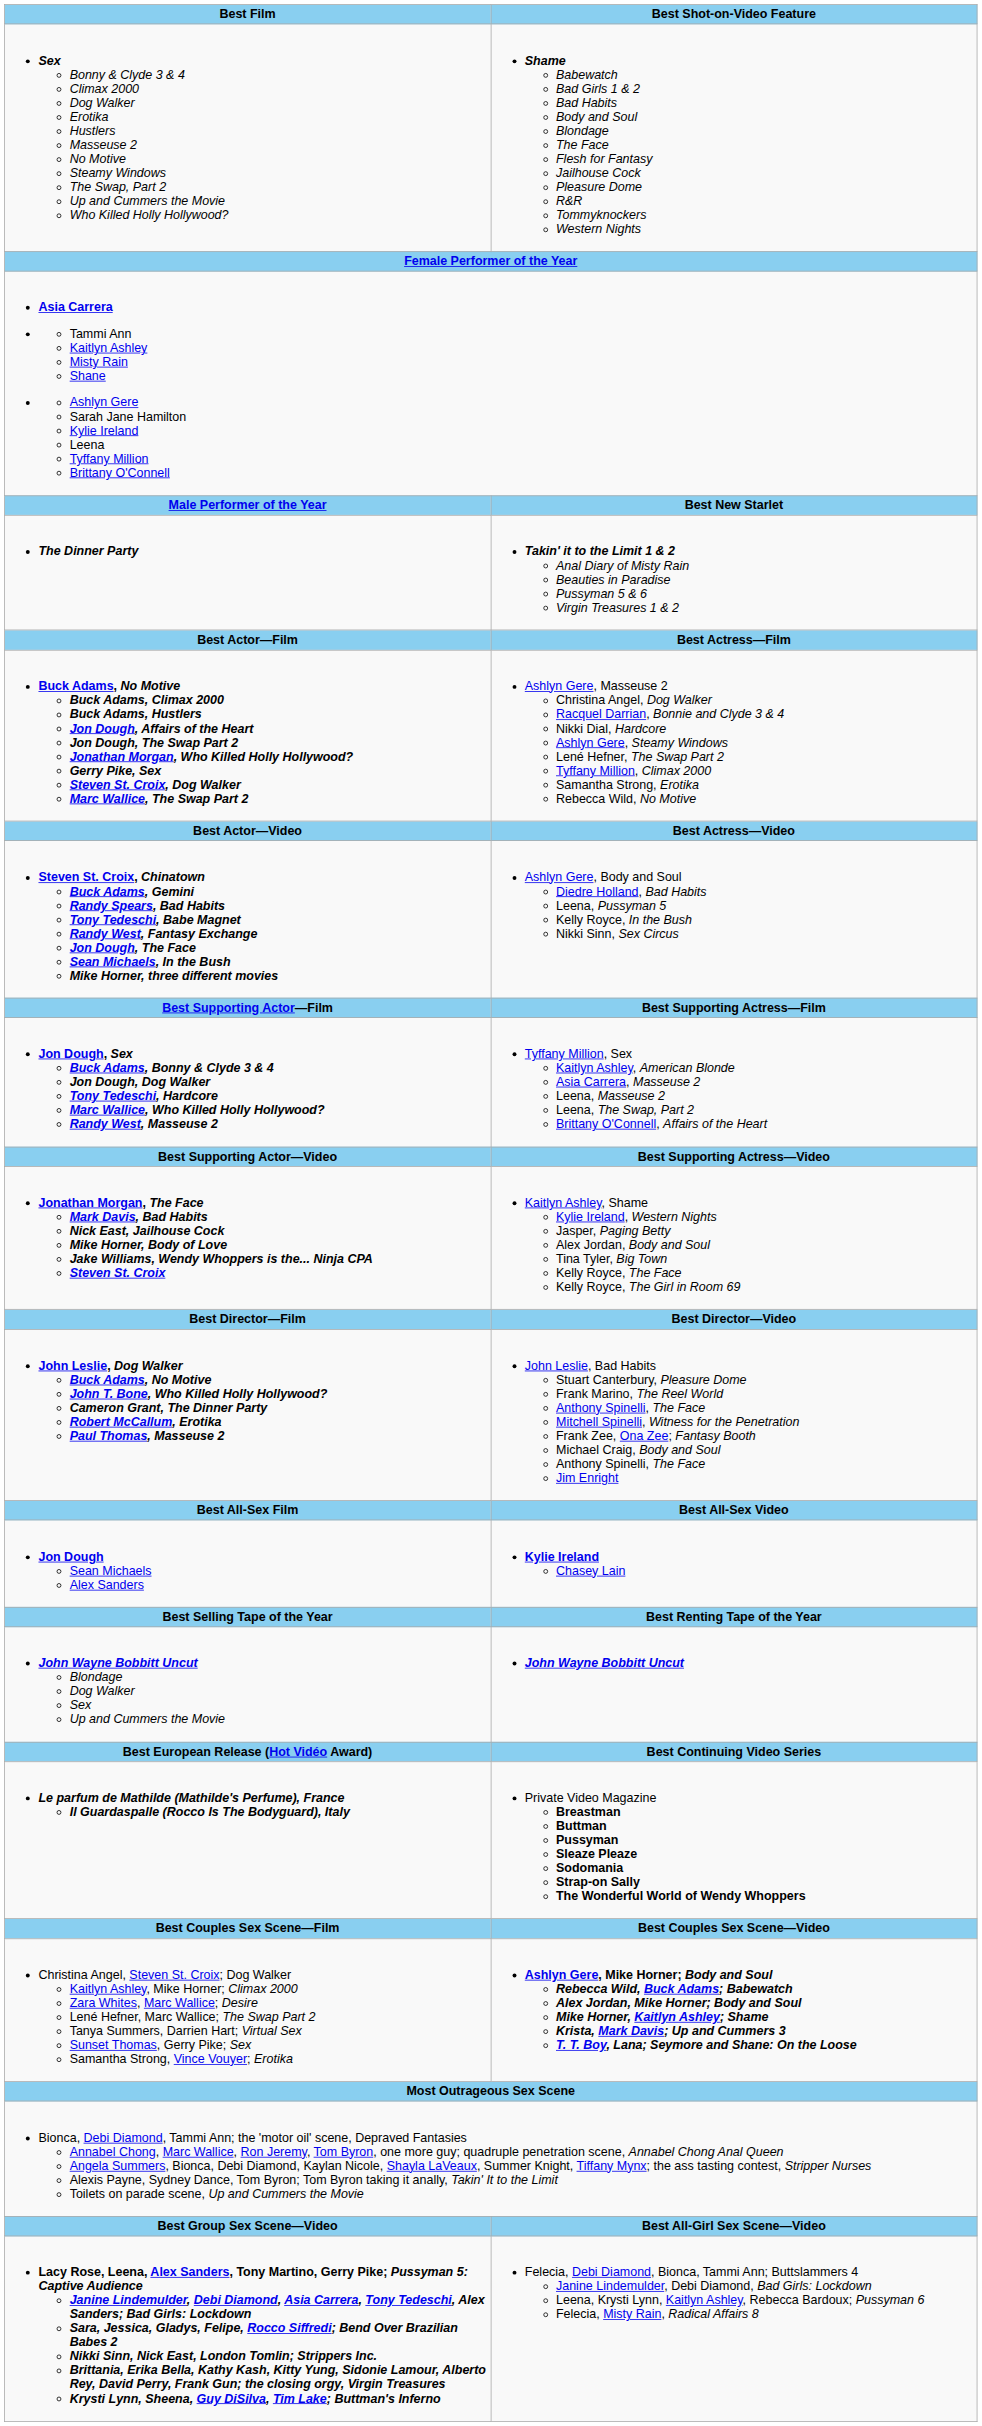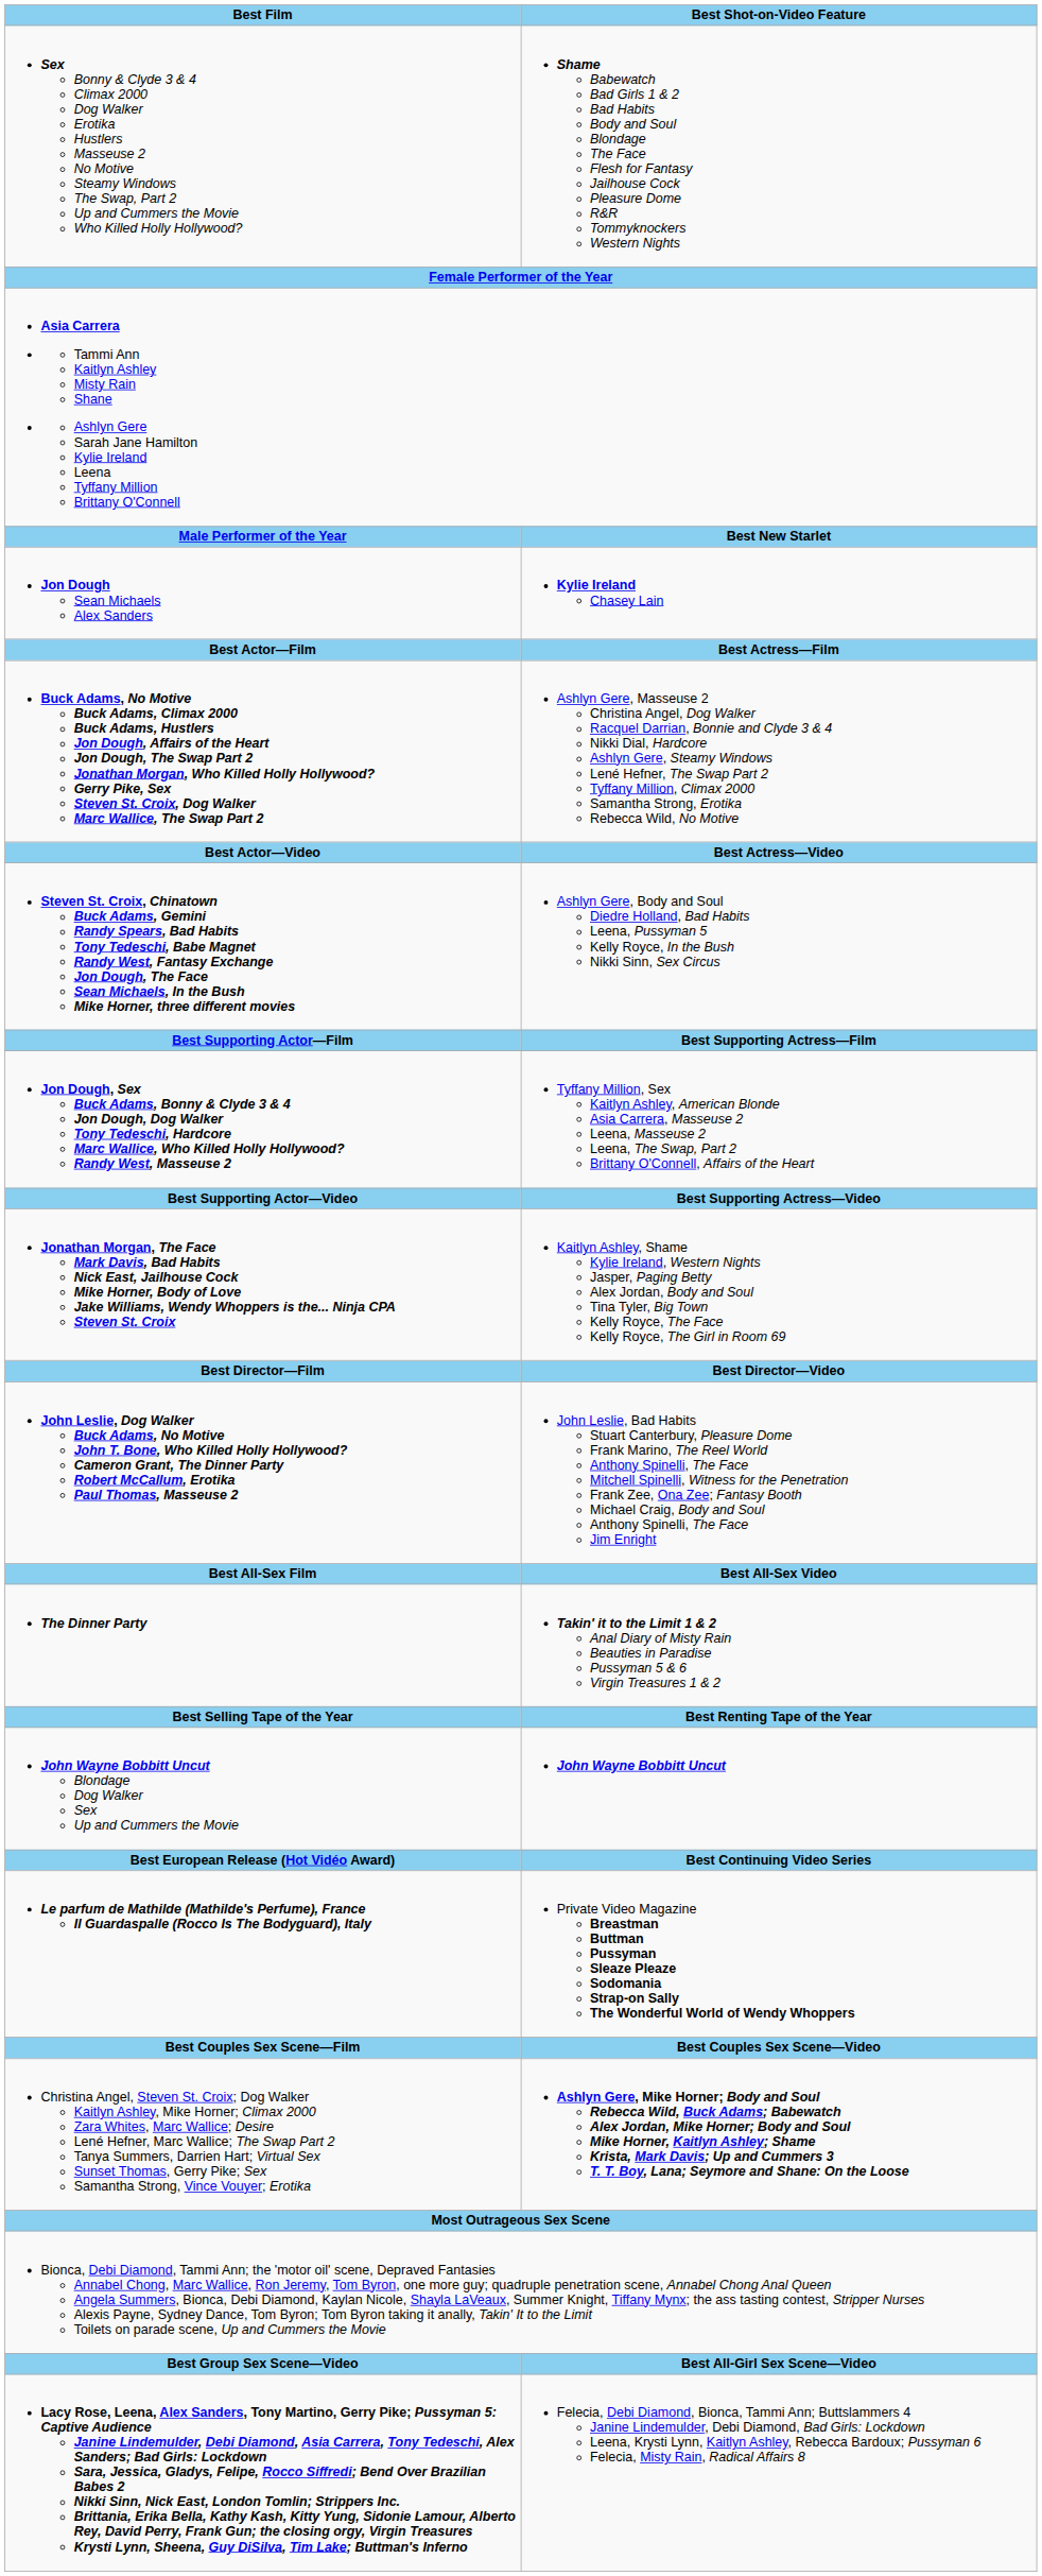 <table class=wikitable>
 <tr>
 <th style="background:#89cff0" width="50%">Best Film</th>
 <th style="background:#89cff0" width="50%">Best Shot-on-Video Feature</th>
 </tr>
 <tr>
 <td valign="top"><br><ul><li><strong><em>Sex</em></strong><ul><li><em>Bonny & Clyde 3 & 4</em></li><li><em>Climax 2000</em></li><li><em>Dog Walker</em></li><li><em>Erotika</em></li><li><em>Hustlers</em></li><li><em>Masseuse 2</em></li><li><em>No Motive</em></li><li><em>Steamy Windows</em></li><li><em>The Swap, Part 2</em></li><li><em>Up and Cummers the Movie</em></li><li><em>Who Killed Holly Hollywood?</em></li></ul></li></ul></td>
 <td valign="top"><br><ul><li><strong><em>Shame</em></strong><ul><li><em>Babewatch</em></li><li><em>Bad Girls 1 & 2</em></li><li><em>Bad Habits</em></li><li><em>Body and Soul</em></li><li><em>Blondage</em></li><li><em>The Face</em></li><li><em>Flesh for Fantasy</em></li><li><em>Jailhouse Cock</em></li><li><em>Pleasure Dome</em></li><li><em>R&R</em></li><li><em>Tommyknockers</em></li><li><em>Western Nights</em></li></ul></li></ul></td>
 </tr>
 <tr>
 <th colspan="2" style="background:#89cff0"><a href='#'>Female Performer of the Year</a></th>
 </tr>
 <tr>
 <td colspan="2" valign="top"><br><ul><li><strong><a href='#'>Asia Carrera</a></strong></li></ul> <ul><li><ul><li>Tammi Ann</li><li><a href='#'>Kaitlyn Ashley</a></li><li><a href='#'>Misty Rain</a></li><li><a href='#'>Shane</a></li></ul></li></ul><ul><li><ul><li><a href='#'>Ashlyn Gere</a></li><li>Sarah Jane Hamilton</li><li><a href='#'>Kylie Ireland</a></li><li>Leena</li><li><a href='#'>Tyffany Million</a></li><li><a href='#'>Brittany O'Connell</a></li></ul></li></ul></td>
 </tr>
 <tr>
 <th style="background:#89cff0" width="50%"><a href='#'>Male Performer of the Year</a></th>
 <th style="background:#89cff0" width="50%">Best New Starlet</th>
 </tr>
 <tr>
-<td valign="top"><br><ul><li><strong><em>The Dinner Party</em></strong></li></ul></td>
-<td valign="top"><br><ul><li><strong><em>Takin' it to the Limit 1 & 2</em></strong><ul><li><em>Anal Diary of Misty Rain</em></li><li><em>Beauties in Paradise</em></li><li><em>Pussyman 5 & 6</em></li><li><em>Virgin Treasures 1 & 2</em></li></ul></li></ul></td>
+<td valign="top"><br><ul><li><strong><a href='#'>Jon Dough</a></strong><ul><li><a href='#'>Sean Michaels</a></li><li><a href='#'>Alex Sanders</a></li></ul></li></ul></td>
+<td valign="top"><br><ul><li><strong><a href='#'>Kylie Ireland</a></strong><ul><li><a href='#'>Chasey Lain</a></li></ul></li></ul></td>
 </tr>
 <tr>
 <th style="background:#89cff0" width="50%">Best Actor—Film</th>
 <th style="background:#89cff0" width="50%">Best Actress—Film</th>
 </tr>
 <tr>
 <td valign="top"><br><ul><li><strong><a href='#'>Buck Adams</a>, <em>No Motive<strong><em><ul><li>Buck Adams, </em>Climax 2000<em></li><li>Buck Adams, </em>Hustlers<em></li><li><a href='#'>Jon Dough</a>, </em>Affairs of the Heart<em></li><li>Jon Dough, </em>The Swap Part 2<em></li><li><a href='#'>Jonathan Morgan</a>, </em>Who Killed Holly Hollywood?<em></li><li>Gerry Pike, </em>Sex<em></li><li><a href='#'>Steven St. Croix</a>, </em>Dog Walker<em></li><li><a href='#'>Marc Wallice</a>, </em>The Swap Part 2<em></li></ul></li></ul></td>
 <td valign="top"><br><ul><li></strong><a href='#'>Ashlyn Gere</a>, </em>Masseuse 2</em></strong><ul><li>Christina Angel, <em>Dog Walker</em></li><li><a href='#'>Racquel Darrian</a>, <em>Bonnie and Clyde 3 & 4</em></li><li>Nikki Dial, <em>Hardcore</em></li><li><a href='#'>Ashlyn Gere</a>, <em>Steamy Windows</em></li><li>Lené Hefner, <em>The Swap Part 2</em></li><li><a href='#'>Tyffany Million</a>, <em>Climax 2000</em></li><li>Samantha Strong, <em>Erotika</em></li><li>Rebecca Wild, <em>No Motive</em></li></ul></li></ul></td>
 </tr>
 <tr>
 <th style="background:#89cff0" width="50%">Best Actor—Video</th>
 <th style="background:#89cff0" width="50%">Best Actress—Video</th>
 </tr>
 <tr>
 <td valign="top"><br><ul><li><strong><a href='#'>Steven St. Croix</a>, <em>Chinatown<strong><em><ul><li><a href='#'>Buck Adams</a>, </em>Gemini<em></li><li><a href='#'>Randy Spears</a>, </em>Bad Habits<em></li><li><a href='#'>Tony Tedeschi</a>, </em>Babe Magnet<em></li><li><a href='#'>Randy West</a>, </em>Fantasy Exchange<em></li><li><a href='#'>Jon Dough</a>, </em>The Face<em></li><li><a href='#'>Sean Michaels</a>, </em>In the Bush<em></li><li>Mike Horner, three different movies</li></ul></li></ul></td>
 <td valign="top"><br><ul><li></strong><a href='#'>Ashlyn Gere</a>, </em>Body and Soul</em></strong><ul><li><a href='#'>Diedre Holland</a>, <em>Bad Habits</em></li><li>Leena, <em>Pussyman 5</em></li><li>Kelly Royce, <em>In the Bush</em></li><li>Nikki Sinn, <em>Sex Circus</em></li></ul></li></ul></td>
 </tr>
 <tr>
 <th style="background:#89cff0" width="50%"><a href='#'>Best Supporting Actor</a>—Film</th>
 <th style="background:#89cff0" width="50%">Best Supporting Actress—Film</th>
 </tr>
 <tr>
 <td valign="top"><br><ul><li><strong><a href='#'>Jon Dough</a>, <em>Sex<strong><em><ul><li><a href='#'>Buck Adams</a>, </em>Bonny & Clyde 3 & 4<em></li><li>Jon Dough, </em>Dog Walker<em></li><li><a href='#'>Tony Tedeschi</a>, </em>Hardcore<em></li><li><a href='#'>Marc Wallice</a>, </em>Who Killed Holly Hollywood?<em></li><li><a href='#'>Randy West</a>, </em>Masseuse 2<em></li></ul></li></ul></td>
 <td valign="top"><br><ul><li></strong><a href='#'>Tyffany Million</a>, </em>Sex</em></strong><ul><li><a href='#'>Kaitlyn Ashley</a>, <em>American Blonde</em></li><li><a href='#'>Asia Carrera</a>, <em>Masseuse 2</em></li><li>Leena, <em>Masseuse 2</em></li><li>Leena, <em>The Swap, Part 2</em></li><li><a href='#'>Brittany O'Connell</a>, <em>Affairs of the Heart</em></li></ul></li></ul></td>
 </tr>
 <tr>
 <th style="background:#89cff0" width="50%">Best Supporting Actor—Video</th>
 <th style="background:#89cff0" width="50%">Best Supporting Actress—Video</th>
 </tr>
 <tr>
 <td valign="top"><br><ul><li><strong><a href='#'>Jonathan Morgan</a>, <em>The Face<strong><em><ul><li><a href='#'>Mark Davis</a>, </em>Bad Habits<em></li><li>Nick East, </em>Jailhouse Cock<em></li><li>Mike Horner, </em>Body of Love<em></li><li>Jake Williams, </em>Wendy Whoppers is the... Ninja CPA<em></li><li><a href='#'>Steven St. Croix</a></li></ul></li></ul></td>
 <td valign="top"><br><ul><li></strong><a href='#'>Kaitlyn Ashley</a>, </em>Shame</em></strong><ul><li><a href='#'>Kylie Ireland</a>, <em>Western Nights</em></li><li>Jasper, <em>Paging Betty</em></li><li>Alex Jordan, <em>Body and Soul</em></li><li>Tina Tyler, <em>Big Town</em></li><li>Kelly Royce, <em>The Face</em></li><li>Kelly Royce, <em>The Girl in Room 69</em></li></ul></li></ul></td>
 </tr>
 <tr>
 <th style="background:#89cff0" width="50%">Best Director—Film</th>
 <th style="background:#89cff0" width="50%">Best Director—Video</th>
 </tr>
 <tr>
 <td valign="top"><br><ul><li><strong><a href='#'>John Leslie</a>, <em>Dog Walker<strong><em><ul><li><a href='#'>Buck Adams</a>, </em>No Motive<em></li><li><a href='#'>John T. Bone</a>, </em>Who Killed Holly Hollywood?<em></li><li>Cameron Grant, </em>The Dinner Party<em></li><li><a href='#'>Robert McCallum</a>, </em>Erotika<em></li><li><a href='#'>Paul Thomas</a>, </em>Masseuse 2<em></li></ul></li></ul></td>
 <td valign="top"><br><ul><li></strong><a href='#'>John Leslie</a>, </em>Bad Habits</em></strong><ul><li>Stuart Canterbury, <em>Pleasure Dome</em></li><li>Frank Marino, <em>The Reel World</em></li><li><a href='#'>Anthony Spinelli</a>, <em>The Face</em></li><li><a href='#'>Mitchell Spinelli</a>, <em>Witness for the Penetration</em></li><li>Frank Zee, <a href='#'>Ona Zee</a>; <em>Fantasy Booth</em></li><li>Michael Craig, <em>Body and Soul</em></li><li>Anthony Spinelli, <em>The Face</em></li><li><a href='#'>Jim Enright</a></li></ul></li></ul></td>
 </tr>
 <tr>
 <th style="background:#89cff0" width="50%">Best All-Sex Film</th>
 <th style="background:#89cff0" width="50%">Best All-Sex Video</th>
 </tr>
 <tr>
-<td valign="top"><br><ul><li><strong><a href='#'>Jon Dough</a></strong><ul><li><a href='#'>Sean Michaels</a></li><li><a href='#'>Alex Sanders</a></li></ul></li></ul></td>
-<td valign="top"><br><ul><li><strong><a href='#'>Kylie Ireland</a></strong><ul><li><a href='#'>Chasey Lain</a></li></ul></li></ul></td>
+<td valign="top"><br><ul><li><strong><em>The Dinner Party</em></strong></li></ul></td>
+<td valign="top"><br><ul><li><strong><em>Takin' it to the Limit 1 & 2</em></strong><ul><li><em>Anal Diary of Misty Rain</em></li><li><em>Beauties in Paradise</em></li><li><em>Pussyman 5 & 6</em></li><li><em>Virgin Treasures 1 & 2</em></li></ul></li></ul></td>
 </tr>
 <tr>
 <th style="background:#89cff0" width="50%">Best Selling Tape of the Year</th>
 <th style="background:#89cff0" width="50%">Best Renting Tape of the Year</th>
 </tr>
 <tr>
 <td valign="top"><br><ul><li><strong><em><a href='#'>John Wayne Bobbitt Uncut</a></em></strong><ul><li><em>Blondage</em></li><li><em>Dog Walker</em></li><li><em>Sex</em></li><li><em>Up and Cummers the Movie</em></li></ul></li></ul></td>
 <td valign="top"><br><ul><li><strong><em><a href='#'>John Wayne Bobbitt Uncut</a></em></strong></li></ul></td>
 </tr>
 <tr>
 <th style="background:#89cff0" width="50%">Best European Release (<a href='#'>Hot Vidéo</a> Award)</th>
 <th style="background:#89cff0" width="50%">Best Continuing Video Series</th>
 </tr>
 <tr>
 <td valign="top"><br><ul><li><strong><em>Le parfum de Mathilde<em> (</em>Mathilde's Perfume<em>), France<strong><ul><li></em>Il Guardaspalle<em> (Rocco Is </em>The Bodyguard<em>), Italy</li></ul></li></ul></td>
 <td valign="top"><br><ul><li></em></strong>Private Video Magazine<strong><em><ul><li></em>Breastman<em></li><li></em>Buttman<em></li><li></em>Pussyman<em></li><li></em>Sleaze Pleaze<em></li><li></em>Sodomania<em></li><li></em>Strap-on Sally<em></li><li></em>The Wonderful World of Wendy Whoppers<em></li></ul></li></ul></td>
 </tr>
 <tr>
 <th style="background:#89cff0" width="50%">Best Couples Sex Scene—Film</th>
 <th style="background:#89cff0" width="50%">Best Couples Sex Scene—Video</th>
 </tr>
 <tr>
 <td valign="top"><br><ul><li></strong>Christina Angel, <a href='#'>Steven St. Croix</a>; </em>Dog Walker</em></strong><ul><li><a href='#'>Kaitlyn Ashley</a>, Mike Horner; <em>Climax 2000</em></li><li><a href='#'>Zara Whites</a>, <a href='#'>Marc Wallice</a>; <em>Desire</em></li><li>Lené Hefner, Marc Wallice; <em>The Swap Part 2</em></li><li>Tanya Summers, Darrien Hart; <em>Virtual Sex</em></li><li><a href='#'>Sunset Thomas</a>, Gerry Pike; <em>Sex</em></li><li>Samantha Strong, <a href='#'>Vince Vouyer</a>; <em>Erotika</em></li></ul></li></ul></td>
 <td valign="top"><br><ul><li><strong><a href='#'>Ashlyn Gere</a>, Mike Horner; <em>Body and Soul<strong><em><ul><li>Rebecca Wild, <a href='#'>Buck Adams</a>; </em>Babewatch<em></li><li>Alex Jordan, Mike Horner; </em>Body and Soul<em></li><li>Mike Horner, <a href='#'>Kaitlyn Ashley</a>; </em>Shame<em></li><li>Krista, <a href='#'>Mark Davis</a>; </em>Up and Cummers 3<em></li><li><a href='#'>T. T. Boy</a>, Lana; </em>Seymore and Shane: On the Loose<em></li></ul></li></ul></td>
 </tr>
 <tr>
 <th colspan="2" style="background:#89cff0">Most Outrageous Sex Scene</th>
 </tr>
 <tr>
 <td colspan="2" valign="top"><br><ul><li></strong>Bionca, <a href='#'>Debi Diamond</a>, Tammi Ann; the 'motor oil' scene, </em>Depraved Fantasies</em></strong><ul><li><a href='#'>Annabel Chong</a>, <a href='#'>Marc Wallice</a>, <a href='#'>Ron Jeremy</a>, <a href='#'>Tom Byron</a>, one more guy; quadruple penetration scene, <em>Annabel Chong Anal Queen</em></li><li><a href='#'>Angela Summers</a>, Bionca, Debi Diamond, Kaylan Nicole, <a href='#'>Shayla LaVeaux</a>, Summer Knight, <a href='#'>Tiffany Mynx</a>; the ass tasting contest, <em>Stripper Nurses</em></li><li>Alexis Payne, Sydney Dance, Tom Byron; Tom Byron taking it anally, <em>Takin' It to the Limit</em></li><li>Toilets on parade scene, <em>Up and Cummers the Movie</em></li></ul></li></ul></td>
 </tr>
 <tr>
 <th style="background:#89cff0" width="50%">Best Group Sex Scene—Video</th>
 <th style="background:#89cff0" width="50%">Best All-Girl Sex Scene—Video</th>
 </tr>
 <tr>
 <td valign="top"><br><ul><li><strong>Lacy Rose, Leena, <a href='#'>Alex Sanders</a>, Tony Martino, Gerry Pike; <em>Pussyman 5: Captive Audience<strong><em><ul><li><a href='#'>Janine Lindemulder</a>, <a href='#'>Debi Diamond</a>, <a href='#'>Asia Carrera</a>, <a href='#'>Tony Tedeschi</a>, Alex Sanders; </em>Bad Girls: Lockdown<em></li><li>Sara, Jessica, Gladys, Felipe, <a href='#'>Rocco Siffredi</a>; </em>Bend Over Brazilian Babes 2<em></li><li>Nikki Sinn, Nick East, London Tomlin; </em>Strippers Inc.<em></li><li>Brittania, Erika Bella, Kathy Kash, Kitty Yung, Sidonie Lamour, Alberto Rey, David Perry, Frank Gun; the closing orgy, </em>Virgin Treasures<em></li><li>Krysti Lynn, Sheena, <a href='#'>Guy DiSilva</a>, <a href='#'>Tim Lake</a>; </em>Buttman's Inferno<em></li></ul></li></ul></td>
 <td valign="top"><br><ul><li></strong>Felecia, <a href='#'>Debi Diamond</a>, Bionca, Tammi Ann; </em>Buttslammers 4</em></strong>  <ul><li><a href='#'>Janine Lindemulder</a>, Debi Diamond, <em>Bad Girls: Lockdown</em></li><li>Leena, Krysti Lynn, <a href='#'>Kaitlyn Ashley</a>, Rebecca Bardoux; <em>Pussyman 6</em></li><li>Felecia, <a href='#'>Misty Rain</a>, <em>Radical Affairs 8</em></li></ul></li></ul></td>
 </tr>
 </table>
